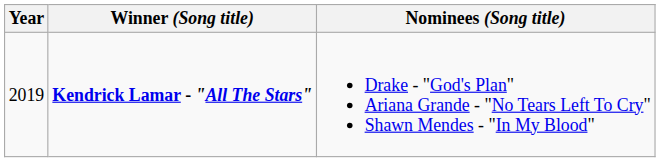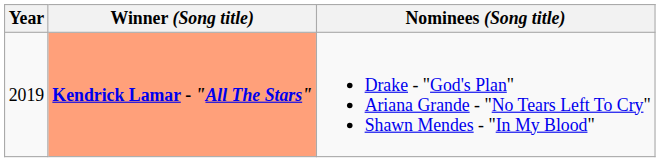 <table class="wikitable sortable">
 <tr>
 <th>Year</th>
 <th>Winner <em>(Song title)</em></th>
 <th>Nominees <em>(Song title)</em></th>
 </tr>
 <tr>
 <td align="center">2019</td>
-<td align="center"> <strong><a href='#'>Kendrick Lamar</a> - <em>"<a href='#'>All The Stars</a>"<strong><em></td>
+<td align="center" style="background: lightsalmon;"> <strong><a href='#'>Kendrick Lamar</a> - <em>"<a href='#'>All The Stars</a>"<strong><em></td>
 <td><br><ul><li> <a href='#'>Drake</a> - "<a href='#'>God's Plan</a>"</li><li> <a href='#'>Ariana Grande</a> - "<a href='#'>No Tears Left To Cry</a>"</li><li> <a href='#'>Shawn Mendes</a> - "<a href='#'>In My Blood</a>"</li></ul></td>
 </tr>
 </table>
